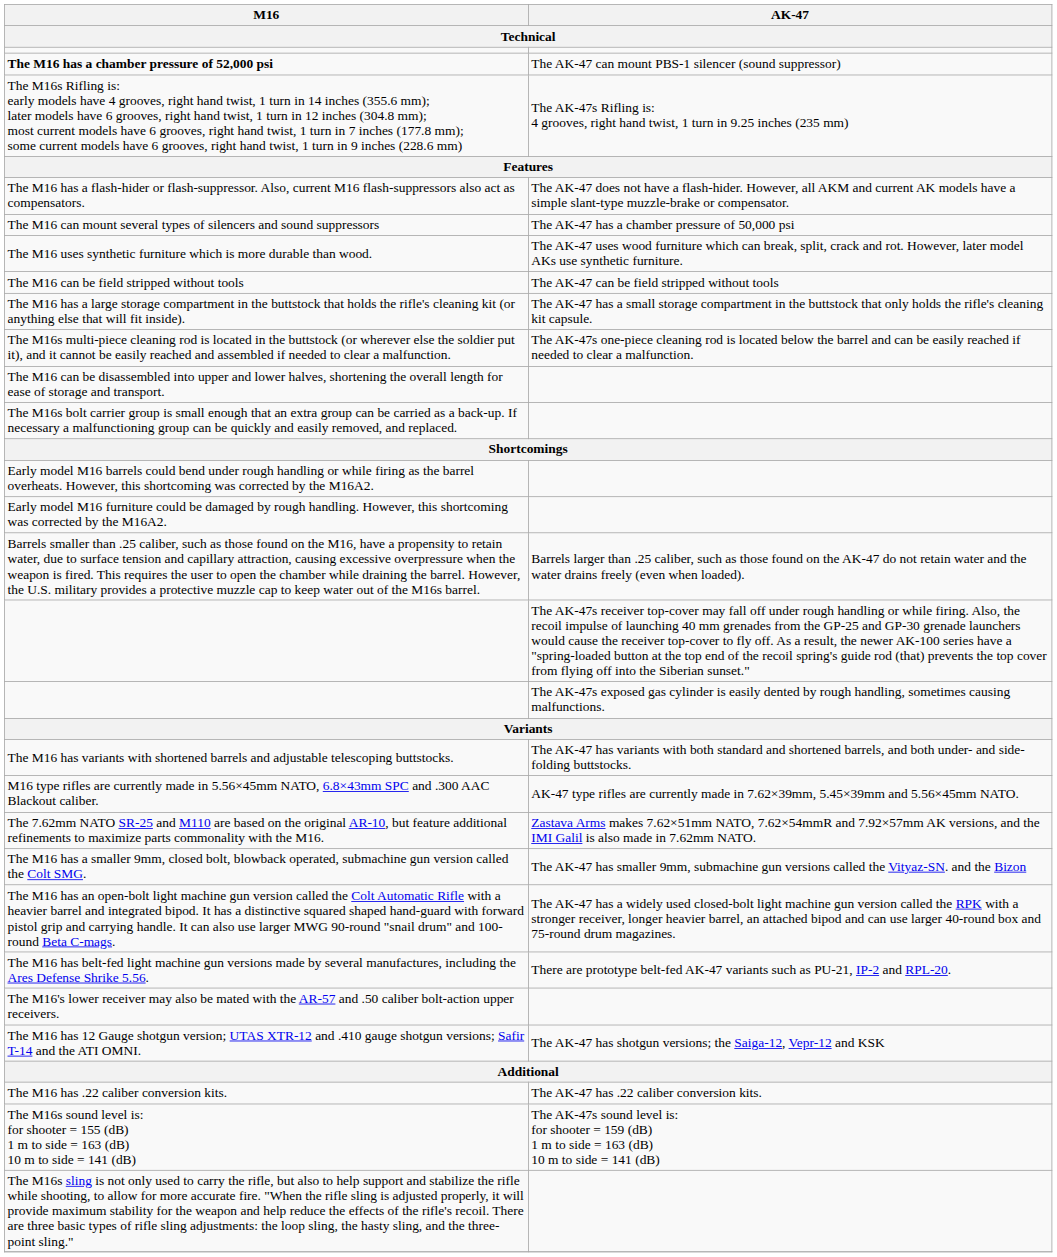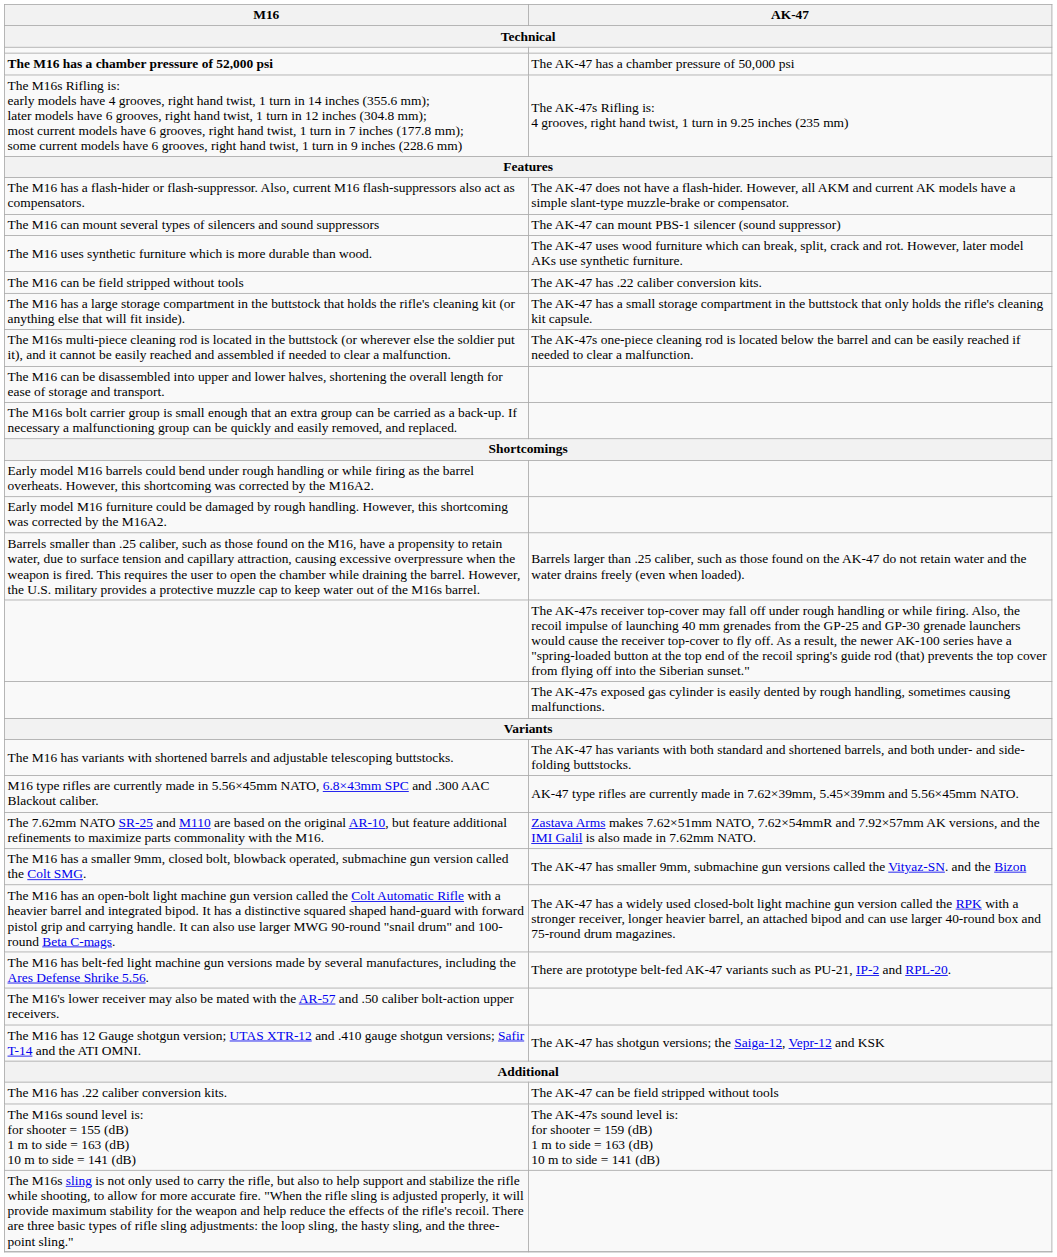 <table class="wikitable">
 <tr>
 <th>M16</th>
 <th>AK-47</th>
 </tr>
 <tr>
 <th colspan=2>Technical</th>
 </tr>
 <tr>
 <td></td>
 <td></td>
 </tr>
 <tr>
 <td><strong>The M16 has a chamber pressure of 52,000 psi</strong></td>
-<td>The AK-47 can mount PBS-1 silencer (sound suppressor)</td>
+<td>The AK-47 has a chamber pressure of 50,000 psi</td>
 </tr>
 <tr>
 <td>The M16s Rifling is:<br> early models have 4 grooves, right hand twist, 1 turn in 14 inches (355.6 mm);<br> later models have  6 grooves, right hand twist, 1 turn in 12 inches (304.8 mm);<br> most current models have 6 grooves, right hand twist, 1 turn in 7 inches (177.8 mm);<br>some current models have 6 grooves, right hand twist, 1 turn in 9 inches (228.6 mm) </td>
 <td>The AK-47s Rifling is:<br> 4 grooves, right hand twist, 1 turn in 9.25 inches (235 mm)</td>
 </tr>
 <tr>
 <th colspan=2>Features</th>
 </tr>
 <tr>
 <td scope="col" style="width:50%;">The M16 has a flash-hider or flash-suppressor. Also, current M16 flash-suppressors also act as compensators.</td>
 <td>The AK-47 does not have a flash-hider. However, all AKM and current AK models have a simple slant-type muzzle-brake or compensator.</td>
 </tr>
 <tr>
 <td>The M16 can mount several types of silencers and sound suppressors</td>
-<td>The AK-47 has a chamber pressure of 50,000 psi</td>
+<td>The AK-47 can mount PBS-1 silencer (sound suppressor)</td>
 </tr>
 <tr>
 <td>The M16 uses synthetic furniture which is more durable than wood.</td>
 <td>The AK-47 uses wood furniture which can break, split, crack and rot. However, later model AKs use synthetic furniture.</td>
 </tr>
 <tr>
 <td>The M16 can be field stripped without tools</td>
-<td>The AK-47 can be field stripped without tools</td>
+<td>The AK-47 has .22 caliber conversion kits.</td>
 </tr>
 <tr>
 <td>The M16 has a large storage compartment in the buttstock that holds the rifle's cleaning kit (or anything else that will fit inside).</td>
 <td>The AK-47 has a small storage compartment in the buttstock that only holds the rifle's cleaning kit capsule.</td>
 </tr>
 <tr>
 <td>The M16s multi-piece cleaning rod is located in the buttstock (or wherever else the soldier put it), and it cannot be easily reached and assembled if needed to clear a malfunction.</td>
 <td>The AK-47s one-piece cleaning rod is located below the barrel and can be easily reached if needed to clear a malfunction.</td>
 </tr>
 <tr>
 <td>The M16 can be disassembled into upper and lower halves, shortening the overall length for ease of storage and transport.</td>
 <td></td>
 </tr>
 <tr>
 <td>The M16s bolt carrier group is small enough that an extra group can be carried as a back-up. If necessary a malfunctioning group can be quickly and easily removed, and replaced.</td>
 <td></td>
 </tr>
 <tr>
 <th colspan=2>Shortcomings</th>
 </tr>
 <tr>
 <td>Early model M16 barrels could bend under rough handling or while firing as the barrel overheats. However, this shortcoming was corrected by the M16A2.</td>
 <td></td>
 </tr>
 <tr>
 <td>Early model M16 furniture could be damaged by rough handling. However, this shortcoming was corrected by the M16A2.</td>
 <td></td>
 </tr>
 <tr>
 <td>Barrels smaller than .25 caliber, such as those found on the M16, have a propensity to retain water, due to surface tension and capillary attraction, causing excessive overpressure when the weapon is fired. This requires the user to open the chamber while draining the barrel. However, the U.S. military provides a protective muzzle cap to keep water out of the M16s barrel.</td>
 <td>Barrels larger than .25 caliber, such as those found on the AK-47 do not retain water and the water drains freely (even when loaded).</td>
 </tr>
 <tr>
 <td></td>
 <td>The AK-47s receiver top-cover may fall off under rough handling or while firing. Also, the recoil impulse of launching 40 mm grenades from the GP-25 and GP-30 grenade launchers would cause the receiver top-cover to fly off. As a result, the newer AK-100 series have a "spring-loaded button at the top end of the recoil spring's guide rod (that) prevents the top cover from flying off into the Siberian sunset."</td>
 </tr>
 <tr>
 <td></td>
 <td>The AK-47s exposed gas cylinder is easily dented by rough handling, sometimes causing malfunctions.</td>
 </tr>
 <tr>
 <th colspan=2>Variants</th>
 </tr>
 <tr>
 <td>The M16 has variants with shortened barrels and adjustable telescoping buttstocks.</td>
 <td>The AK-47 has variants with both standard and shortened barrels, and both under- and side-folding buttstocks.</td>
 </tr>
 <tr>
 <td>M16 type rifles are currently made in 5.56×45mm NATO, <a href='#'>6.8×43mm SPC</a> and .300 AAC Blackout caliber.</td>
 <td>AK-47 type rifles are currently made in 7.62×39mm, 5.45×39mm and 5.56×45mm NATO.</td>
 </tr>
 <tr>
 <td>The 7.62mm NATO <a href='#'>SR-25</a> and <a href='#'>M110</a> are based on the original <a href='#'>AR-10</a>, but feature additional refinements to maximize parts commonality with the M16.</td>
 <td><a href='#'>Zastava Arms</a> makes 7.62×51mm NATO, 7.62×54mmR and 7.92×57mm AK versions, and the <a href='#'>IMI Galil</a> is also made in 7.62mm NATO.</td>
 </tr>
 <tr>
 <td>The M16 has a smaller 9mm, closed bolt, blowback operated, submachine gun version called the <a href='#'>Colt SMG</a>.</td>
 <td>The AK-47 has smaller 9mm, submachine gun versions called the <a href='#'>Vityaz-SN</a>. and the <a href='#'>Bizon</a></td>
 </tr>
 <tr>
 <td>The M16 has an open-bolt light machine gun version called the <a href='#'>Colt Automatic Rifle</a> with a heavier barrel and integrated bipod. It has a distinctive squared shaped hand-guard with forward pistol grip and carrying handle. It can also use larger MWG 90-round "snail drum" and 100-round <a href='#'>Beta C-mags</a>.</td>
 <td>The AK-47 has a widely used closed-bolt light machine gun version called the <a href='#'>RPK</a> with a stronger receiver, longer heavier barrel, an attached bipod and can use larger 40-round box and 75-round drum magazines.</td>
 </tr>
 <tr>
 <td>The M16 has belt-fed light machine gun versions made by several manufactures, including the <a href='#'>Ares Defense Shrike 5.56</a>.</td>
 <td>There are prototype belt-fed AK-47 variants such as PU-21, <a href='#'>IP-2</a> and <a href='#'>RPL-20</a>.</td>
 </tr>
 <tr>
 <td>The M16's lower receiver may also be mated with the <a href='#'>AR-57</a> and .50 caliber bolt-action upper receivers.</td>
 <td></td>
 </tr>
 <tr>
 <td>The M16 has 12 Gauge shotgun version; <a href='#'>UTAS XTR-12</a> and .410 gauge shotgun versions; <a href='#'>Safir T-14</a> and the ATI OMNI.</td>
 <td>The AK-47 has shotgun versions; the <a href='#'>Saiga-12</a>, <a href='#'>Vepr-12</a> and KSK</td>
 </tr>
 <tr>
 <th colspan=2>Additional</th>
 </tr>
 <tr>
 <td>The M16 has .22 caliber conversion kits.</td>
-<td>The AK-47 has .22 caliber conversion kits.</td>
+<td>The AK-47 can be field stripped without tools</td>
 </tr>
 <tr>
 <td>The M16s sound level is:<br>for shooter = 155 (dB)<br>1 m to side = 163 (dB)<br>10 m to side = 141 (dB)</td>
 <td>The AK-47s sound level is:<br>for shooter = 159 (dB)<br>1 m to side = 163 (dB)<br>10 m to side = 141 (dB)</td>
 </tr>
 <tr>
 <td>The M16s <a href='#'>sling</a> is not only used to carry the rifle, but also to help support and stabilize the rifle while shooting, to allow for more accurate fire. "When the rifle sling is adjusted properly, it will provide maximum stability for the weapon and help reduce the effects of the rifle's recoil. There are three basic types of rifle sling adjustments: the loop sling, the hasty sling, and the three-point sling."</td>
 <td></td>
 </tr>
 <tr>
 </tr>
 </table>
